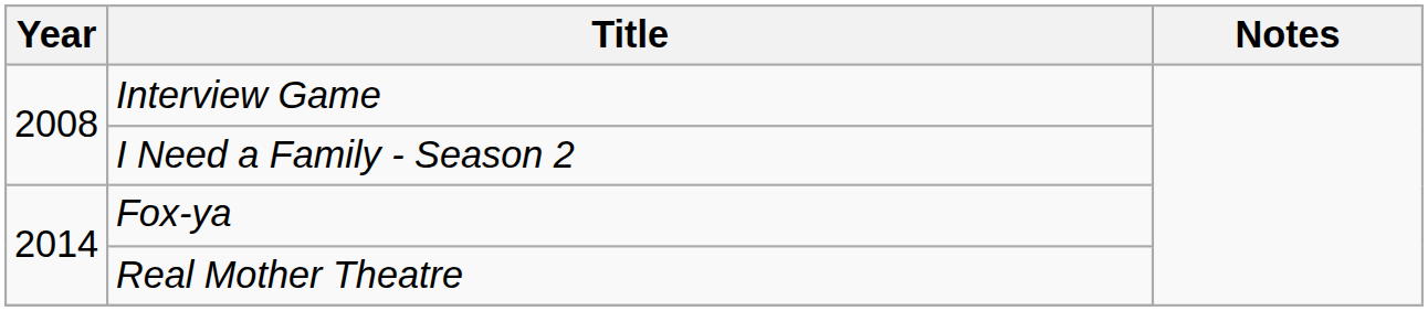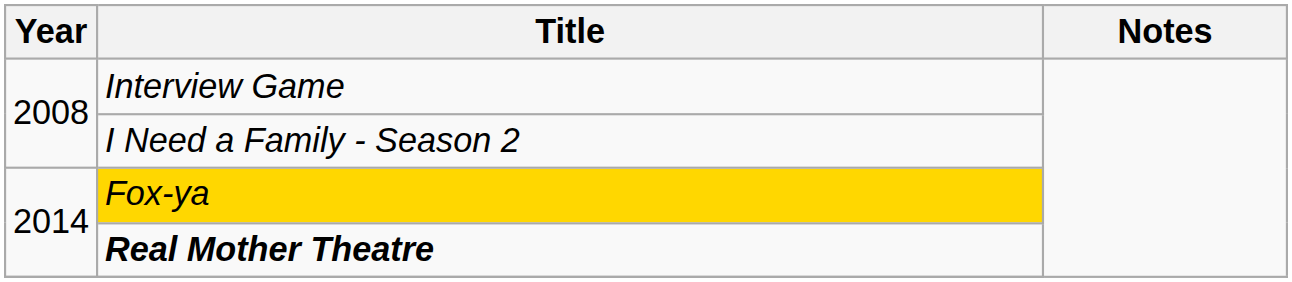 <table class="wikitable" style="width:600px">
 <tr>
 <th width=10>Year</th>
 <th>Title</th>
 <th>Notes</th>
 </tr>
 <tr>
 <td rowspan=2>2008</td>
 <td><em>Interview Game</em></td>
 </tr>
 <tr>
 <td><em>I Need a Family - Season 2</em></td>
 </tr>
 <tr>
 <td rowspan=2>2014</td>
-<td><em>Fox-ya</em></td>
+<td style="background: gold;"><em>Fox-ya</em></td>
 </tr>
 <tr>
-<td><em>Real Mother Theatre</em></td>
+<td><strong><em>Real Mother Theatre</em></strong></td>
 </tr>
 <tr>
 </tr>
 </table>
